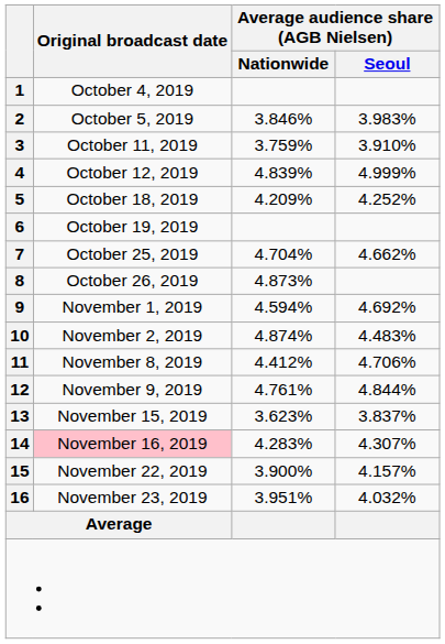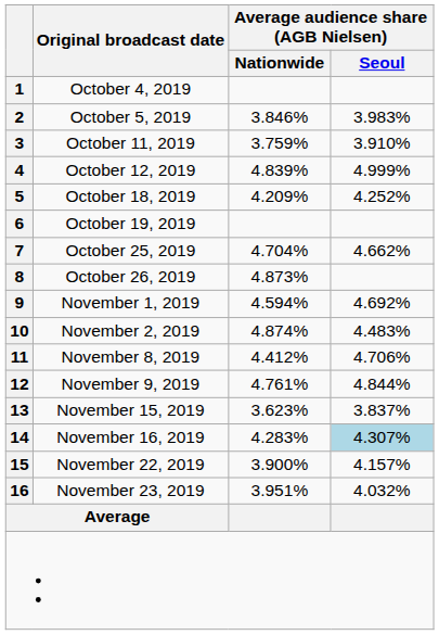 <table class="wikitable" style="text-align:center;max-width:450px; margin-left: auto; margin-right: auto; border: none;">
 <tr>
 </tr>
 <tr>
 <th rowspan="2"></th>
 <th rowspan="2">Original broadcast date</th>
 <th colspan="2">Average audience share<br>(AGB Nielsen)</th>
 </tr>
 <tr>
 <th width=90>Nationwide</th>
 <th width=90><a href='#'>Seoul</a></th>
 </tr>
 <tr>
 <th>1</th>
 <td>October 4, 2019</td>
 <td></td>
 <td></td>
 </tr>
 <tr>
 <th>2</th>
 <td>October 5, 2019</td>
 <td>3.846%</td>
 <td>3.983%</td>
 </tr>
 <tr>
 <th>3</th>
 <td>October 11, 2019</td>
 <td>3.759%</td>
 <td>3.910%</td>
 </tr>
 <tr>
 <th>4</th>
 <td>October 12, 2019</td>
 <td>4.839%</td>
 <td>4.999%</td>
 </tr>
 <tr>
 <th>5</th>
 <td>October 18, 2019</td>
 <td>4.209%</td>
 <td>4.252%</td>
 </tr>
 <tr>
 <th>6</th>
 <td>October 19, 2019</td>
 <td></td>
 <td></td>
 </tr>
 <tr>
 <th>7</th>
 <td>October 25, 2019</td>
 <td>4.704%</td>
 <td>4.662%</td>
 </tr>
 <tr>
 <th>8</th>
 <td>October 26, 2019</td>
 <td>4.873%</td>
 <td></td>
 </tr>
 <tr>
 <th>9</th>
 <td>November 1, 2019</td>
 <td>4.594%</td>
 <td>4.692%</td>
 </tr>
 <tr>
 <th>10</th>
 <td>November 2, 2019</td>
 <td>4.874%</td>
 <td>4.483%</td>
 </tr>
 <tr>
 <th>11</th>
 <td>November 8, 2019</td>
 <td>4.412%</td>
 <td>4.706%</td>
 </tr>
 <tr>
 <th>12</th>
 <td>November 9, 2019</td>
 <td>4.761%</td>
 <td>4.844%</td>
 </tr>
 <tr>
 <th>13</th>
 <td>November 15, 2019</td>
 <td>3.623%</td>
 <td>3.837%</td>
 </tr>
 <tr>
 <th>14</th>
-<td style="background: pink;">November 16, 2019</td>
+<td>November 16, 2019</td>
 <td>4.283%</td>
-<td>4.307%</td>
+<td style="background: lightblue;">4.307%</td>
 </tr>
 <tr>
 <th>15</th>
 <td>November 22, 2019</td>
 <td>3.900%</td>
 <td>4.157%</td>
 </tr>
 <tr>
 <th>16</th>
 <td>November 23, 2019</td>
 <td>3.951%</td>
 <td>4.032%</td>
 </tr>
 <tr>
 <th colspan="2">Average</th>
 <th></th>
 <th></th>
 </tr>
 <tr>
 <td colspan="6"><br><ul><li></li><li></li></ul></td>
 </tr>
 </table>
